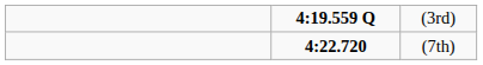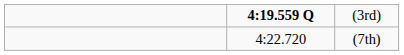 <table class="wikitable" style="text-align:center;">
 <tr>
 <td style="width:15em" align=left></td>
 <td style="width:7em;"><strong>4:19.559 Q</strong></td>
 <td style="width:4em;">(3rd)</td>
 </tr>
 <tr>
 <td align=left></td>
-<td><strong>4:22.720</strong></td>
+<td>4:22.720</td>
 <td>(7th)</td>
 </tr>
 </table>
